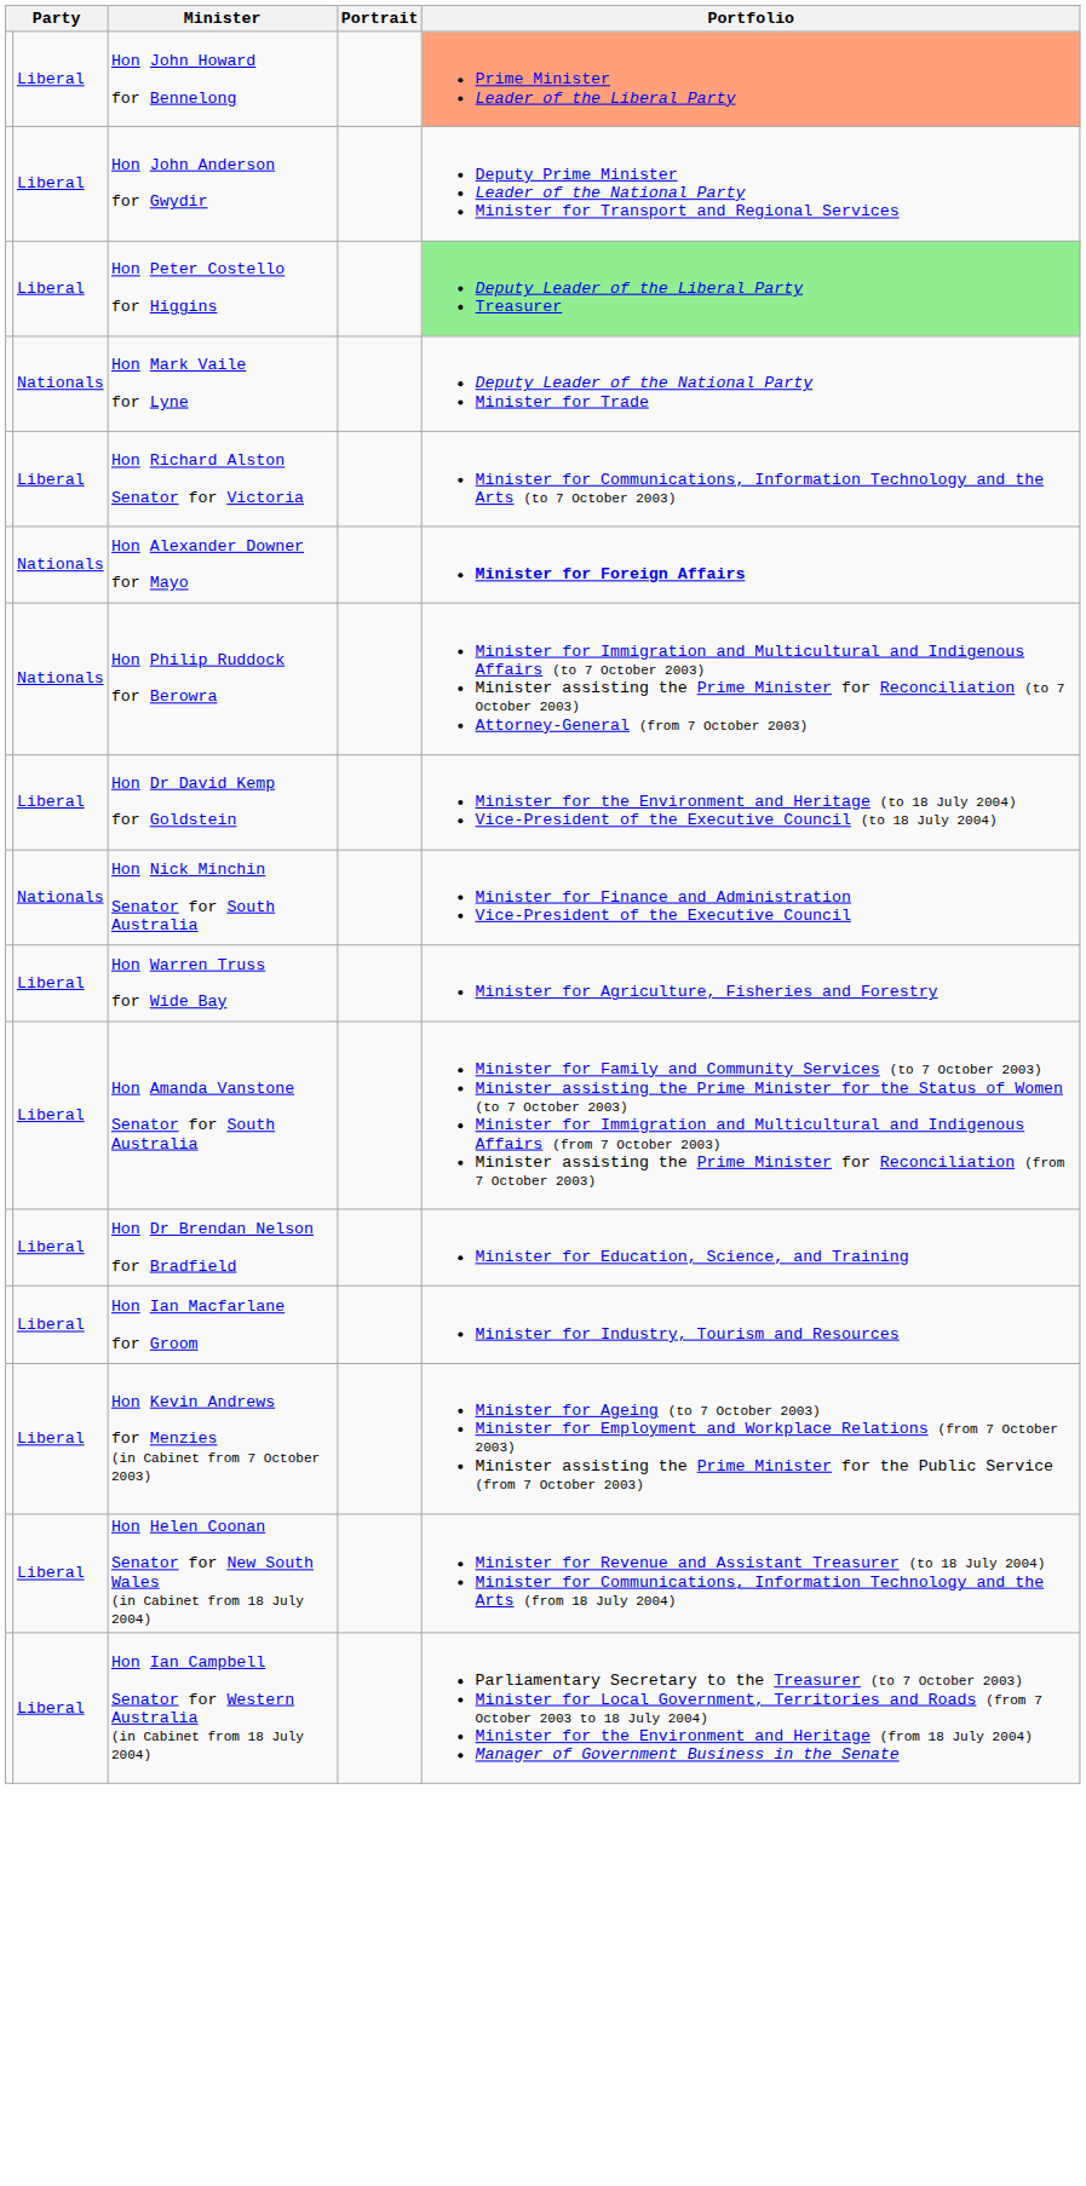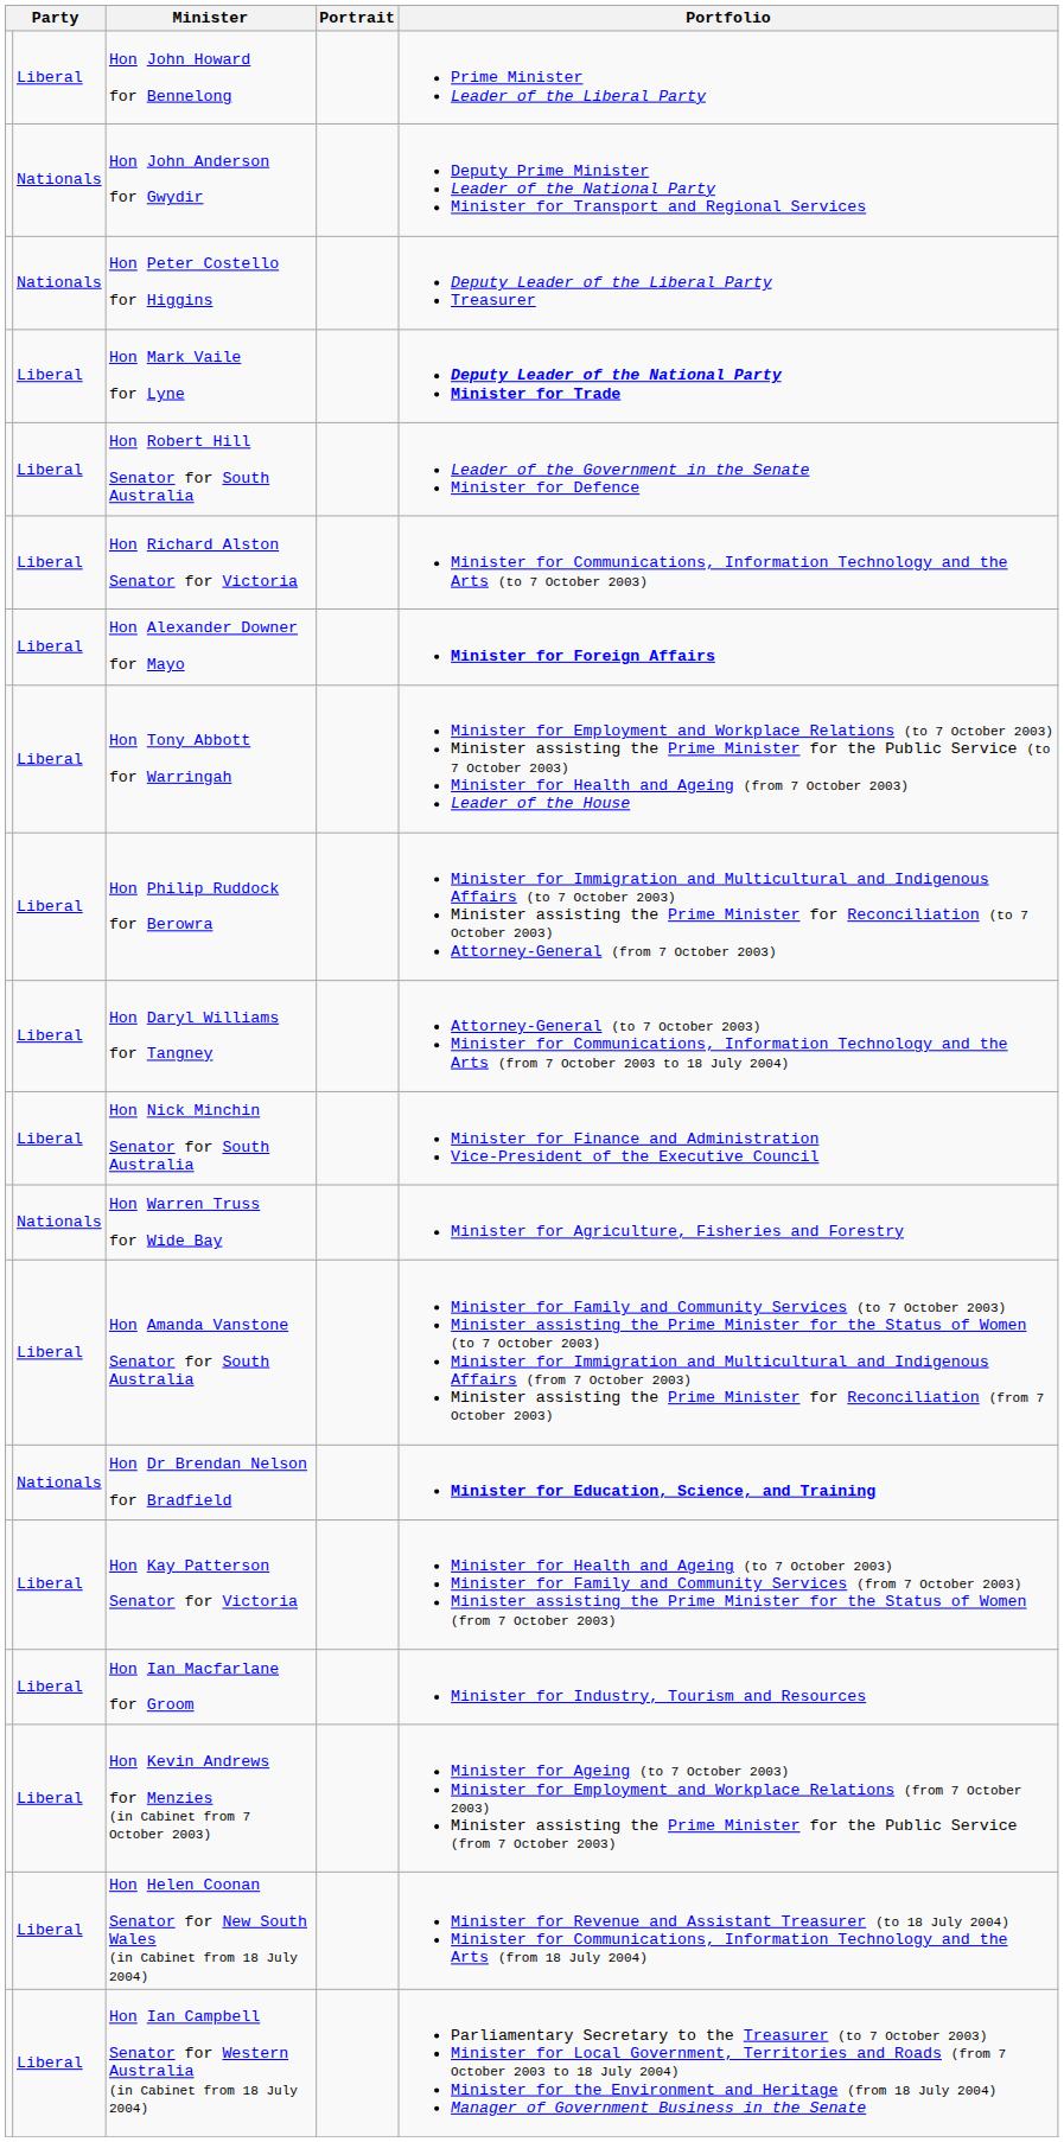 <table class="wikitable sortable">
 <tr>
 <th colspan="2">Party</th>
 <th>Minister</th>
 <th>Portrait</th>
 <th>Portfolio</th>
 </tr>
 <tr>
 <td></td>
 <td><a href='#'>Liberal</a></td>
 <td><a href='#'>Hon</a> <a href='#'>John Howard</a> <br><br> for <a href='#'>Bennelong</a> <br></td>
 <td></td>
-<td style="background: lightsalmon;"><br><ul><li><a href='#'>Prime Minister</a></li><li><em><a href='#'>Leader of the Liberal Party</a></em></li></ul></td>
+<td><br><ul><li><a href='#'>Prime Minister</a></li><li><em><a href='#'>Leader of the Liberal Party</a></em></li></ul></td>
 </tr>
 <tr>
 <td></td>
-<td><a href='#'>Liberal</a></td>
+<td><a href='#'>Nationals</a></td>
 <td><a href='#'>Hon</a> <a href='#'>John Anderson</a> <br><br> for <a href='#'>Gwydir</a> <br></td>
 <td></td>
 <td><br><ul><li><a href='#'>Deputy Prime Minister</a></li><li><em><a href='#'>Leader of the National Party</a></em></li><li><a href='#'>Minister for Transport and Regional Services</a></li></ul></td>
 </tr>
 <tr>
 <td></td>
-<td><a href='#'>Liberal</a></td>
+<td><a href='#'>Nationals</a></td>
 <td><a href='#'>Hon</a> <a href='#'>Peter Costello</a> <br><br> for <a href='#'>Higgins</a> <br></td>
 <td></td>
-<td style="background: lightgreen;"><br><ul><li><em><a href='#'>Deputy Leader of the Liberal Party</a></em></li><li><a href='#'>Treasurer</a></li></ul></td>
+<td><br><ul><li><em><a href='#'>Deputy Leader of the Liberal Party</a></em></li><li><a href='#'>Treasurer</a></li></ul></td>
 </tr>
 <tr>
 <td></td>
-<td><a href='#'>Nationals</a></td>
+<td><a href='#'>Liberal</a></td>
 <td><a href='#'>Hon</a> <a href='#'>Mark Vaile</a> <br><br> for <a href='#'>Lyne</a> <br></td>
 <td></td>
-<td><br><ul><li><em><a href='#'>Deputy Leader of the National Party</a></em></li><li><a href='#'>Minister for Trade</a></li></ul></td>
+<td><strong><br><ul><li><em><a href='#'>Deputy Leader of the National Party</a></em></li><li><a href='#'>Minister for Trade</a></li></ul></strong></td>
+</tr>
+<tr>
+<td></td>
+<td><a href='#'>Liberal</a></td>
+<td><a href='#'>Hon</a> <a href='#'>Robert Hill</a> <br><br><a href='#'>Senator</a> for <a href='#'>South Australia</a> <br></td>
+<td></td>
+<td><br><ul><li><em><a href='#'>Leader of the Government in the Senate</a></em></li><li><a href='#'>Minister for Defence</a></li></ul></td>
 </tr>
 <tr>
 <td></td>
 <td><a href='#'>Liberal</a></td>
 <td><a href='#'>Hon</a> <a href='#'>Richard Alston</a> <br><br><a href='#'>Senator</a> for <a href='#'>Victoria</a> <br></td>
 <td></td>
 <td><br><ul><li><a href='#'>Minister for Communications, Information Technology and the Arts</a> <small>(to 7 October 2003)</small></li></ul></td>
 </tr>
 <tr>
 <td></td>
-<td><a href='#'>Nationals</a></td>
+<td><a href='#'>Liberal</a></td>
 <td><a href='#'>Hon</a> <a href='#'>Alexander Downer</a> <br><br> for <a href='#'>Mayo</a> <br></td>
 <td></td>
 <td><strong><br><ul><li><a href='#'>Minister for Foreign Affairs</a></li></ul></strong></td>
 </tr>
 <tr>
 <td></td>
-<td><a href='#'>Nationals</a></td>
+<td><a href='#'>Liberal</a></td>
+<td><a href='#'>Hon</a> <a href='#'>Tony Abbott</a> <br><br> for <a href='#'>Warringah</a> <br></td>
+<td></td>
+<td><br><ul><li><a href='#'>Minister for Employment and Workplace Relations</a> <small>(to 7 October 2003)</small></li><li>Minister assisting the <a href='#'>Prime Minister</a> for the Public Service <small>(to 7 October 2003)</small></li><li><a href='#'>Minister for Health and Ageing</a> <small>(from 7 October 2003)</small></li><li><em><a href='#'>Leader of the House</a></em></li></ul></td>
+</tr>
+<tr>
+<td></td>
+<td><a href='#'>Liberal</a></td>
 <td><a href='#'>Hon</a> <a href='#'>Philip Ruddock</a> <br><br> for <a href='#'>Berowra</a> <br></td>
 <td></td>
 <td><br><ul><li><a href='#'>Minister for Immigration and Multicultural and Indigenous Affairs</a> <small>(to 7 October 2003)</small></li><li>Minister assisting the <a href='#'>Prime Minister</a> for <a href='#'>Reconciliation</a> <small>(to 7 October 2003)</small></li><li><a href='#'>Attorney-General</a> <small>(from 7 October 2003)</small></li></ul></td>
 </tr>
 <tr>
 <td></td>
 <td><a href='#'>Liberal</a></td>
-<td><a href='#'>Hon</a> <a href='#'>Dr David Kemp</a> <br><br> for <a href='#'>Goldstein</a> <br></td>
+<td><a href='#'>Hon</a> <a href='#'>Daryl Williams</a>  <br><br> for <a href='#'>Tangney</a> <br></td>
 <td></td>
-<td><br><ul><li><a href='#'>Minister for the Environment and Heritage</a> <small>(to 18 July 2004)</small></li><li><a href='#'>Vice-President of the Executive Council</a> <small>(to 18 July 2004)</small></li></ul></td>
+<td><br><ul><li><a href='#'>Attorney-General</a> <small>(to 7 October 2003)</small></li><li><a href='#'>Minister for Communications, Information Technology and the Arts</a> <small>(from 7 October 2003 to 18 July 2004)</small></li></ul></td>
 </tr>
 <tr>
 <td></td>
-<td><a href='#'>Nationals</a></td>
+<td><a href='#'>Liberal</a></td>
 <td><a href='#'>Hon</a> <a href='#'>Nick Minchin</a> <br><br><a href='#'>Senator</a> for <a href='#'>South Australia</a> <br></td>
 <td></td>
 <td><br><ul><li><a href='#'>Minister for Finance and Administration</a></li><li><a href='#'>Vice-President of the Executive Council</a></li></ul></td>
 </tr>
 <tr>
 <td></td>
-<td><a href='#'>Liberal</a></td>
+<td><a href='#'>Nationals</a></td>
 <td><a href='#'>Hon</a> <a href='#'>Warren Truss</a> <br><br> for <a href='#'>Wide Bay</a> <br></td>
 <td></td>
 <td><br><ul><li><a href='#'>Minister for Agriculture, Fisheries and Forestry</a></li></ul></td>
 </tr>
 <tr>
 <td></td>
 <td><a href='#'>Liberal</a></td>
 <td><a href='#'>Hon</a> <a href='#'>Amanda Vanstone</a> <br><br><a href='#'>Senator</a> for <a href='#'>South Australia</a> <br></td>
 <td></td>
 <td><br><ul><li><a href='#'>Minister for Family and Community Services</a> <small>(to 7 October 2003)</small></li><li><a href='#'>Minister assisting the Prime Minister for the Status of Women</a> <small>(to 7 October 2003)</small></li><li><a href='#'>Minister for Immigration and Multicultural and Indigenous Affairs</a> <small>(from 7 October 2003)</small></li><li>Minister assisting the <a href='#'>Prime Minister</a> for <a href='#'>Reconciliation</a> <small>(from 7 October 2003)</small></li></ul></td>
 </tr>
 <tr>
 <td></td>
-<td><a href='#'>Liberal</a></td>
+<td><a href='#'>Nationals</a></td>
 <td><a href='#'>Hon</a> <a href='#'>Dr Brendan Nelson</a> <br><br> for <a href='#'>Bradfield</a> <br></td>
 <td></td>
-<td><br><ul><li><a href='#'>Minister for Education, Science, and Training</a></li></ul></td>
+<td><strong><br><ul><li><a href='#'>Minister for Education, Science, and Training</a></li></ul></strong></td>
+</tr>
+<tr>
+<td></td>
+<td><a href='#'>Liberal</a></td>
+<td><a href='#'>Hon</a> <a href='#'>Kay Patterson</a> <br><br><a href='#'>Senator</a> for <a href='#'>Victoria</a> <br></td>
+<td></td>
+<td><br><ul><li><a href='#'>Minister for Health and Ageing</a> <small>(to 7 October 2003)</small></li><li><a href='#'>Minister for Family and Community Services</a> <small>(from 7 October 2003)</small></li><li><a href='#'>Minister assisting the Prime Minister for the Status of Women</a> <small>(from 7 October 2003)</small></li></ul></td>
 </tr>
 <tr>
 <td></td>
 <td><a href='#'>Liberal</a></td>
 <td><a href='#'>Hon</a> <a href='#'>Ian Macfarlane</a> <br><br> for <a href='#'>Groom</a> <br></td>
 <td></td>
 <td><br><ul><li><a href='#'>Minister for Industry, Tourism and Resources</a></li></ul></td>
 </tr>
 <tr>
 <td></td>
 <td><a href='#'>Liberal</a></td>
 <td><a href='#'>Hon</a> <a href='#'>Kevin Andrews</a> <br><br> for <a href='#'>Menzies</a> <br> <small>(in Cabinet from 7 October 2003)</small></td>
 <td></td>
 <td><br><ul><li><a href='#'>Minister for Ageing</a> <small>(to 7 October 2003)</small></li><li><a href='#'>Minister for Employment and Workplace Relations</a> <small>(from 7 October 2003)</small></li><li>Minister assisting the <a href='#'>Prime Minister</a> for the Public Service <small>(from 7 October 2003)</small></li></ul></td>
 </tr>
 <tr>
 <td></td>
 <td><a href='#'>Liberal</a></td>
 <td><a href='#'>Hon</a> <a href='#'>Helen Coonan</a> <br><br><a href='#'>Senator</a> for <a href='#'>New South Wales</a> <br> <small>(in Cabinet from 18 July 2004)</small></td>
 <td></td>
 <td><br><ul><li><a href='#'>Minister for Revenue and Assistant Treasurer</a> <small>(to 18 July 2004)</small></li><li><a href='#'>Minister for Communications, Information Technology and the Arts</a> <small>(from 18 July 2004)</small></li></ul></td>
 </tr>
 <tr>
 <td></td>
 <td><a href='#'>Liberal</a></td>
 <td><a href='#'>Hon</a> <a href='#'>Ian Campbell</a> <br><br><a href='#'>Senator</a> for <a href='#'>Western Australia</a> <br> <small>(in Cabinet from 18 July 2004)</small></td>
 <td></td>
 <td><br><ul><li>Parliamentary Secretary to the <a href='#'>Treasurer</a> <small>(to 7 October 2003)</small></li><li><a href='#'>Minister for Local Government, Territories and Roads</a> <small>(from 7 October 2003 to 18 July 2004)</small></li><li><a href='#'>Minister for the Environment and Heritage</a> <small>(from 18 July 2004)</small></li><li><em><a href='#'>Manager of Government Business in the Senate</a></em></li></ul></td>
 </tr>
 </table>
